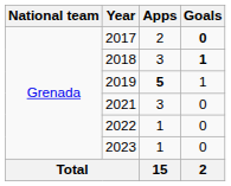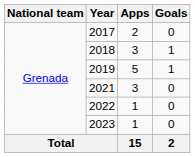 <table class=wikitable style=text-align:center>
 <tr>
 <th>National team</th>
 <th>Year</th>
 <th>Apps</th>
 <th>Goals</th>
 </tr>
 <tr>
 <td rowspan="6"><a href='#'>Grenada</a></td>
 <td>2017</td>
 <td>2</td>
-<td><strong>0</strong></td>
+<td>0</td>
 </tr>
 <tr>
 <td>2018</td>
 <td>3</td>
-<td><strong>1</strong></td>
+<td>1</td>
 </tr>
 <tr>
 <td>2019</td>
-<td><strong>5</strong></td>
+<td>5</td>
 <td>1</td>
 </tr>
 <tr>
 <td>2021</td>
 <td>3</td>
 <td>0</td>
 </tr>
 <tr>
 <td>2022</td>
 <td>1</td>
 <td>0</td>
 </tr>
 <tr>
 <td>2023</td>
 <td>1</td>
 <td>0</td>
 </tr>
 <tr>
 <th colspan="2">Total</th>
 <th>15</th>
 <th>2</th>
 </tr>
 </table>
